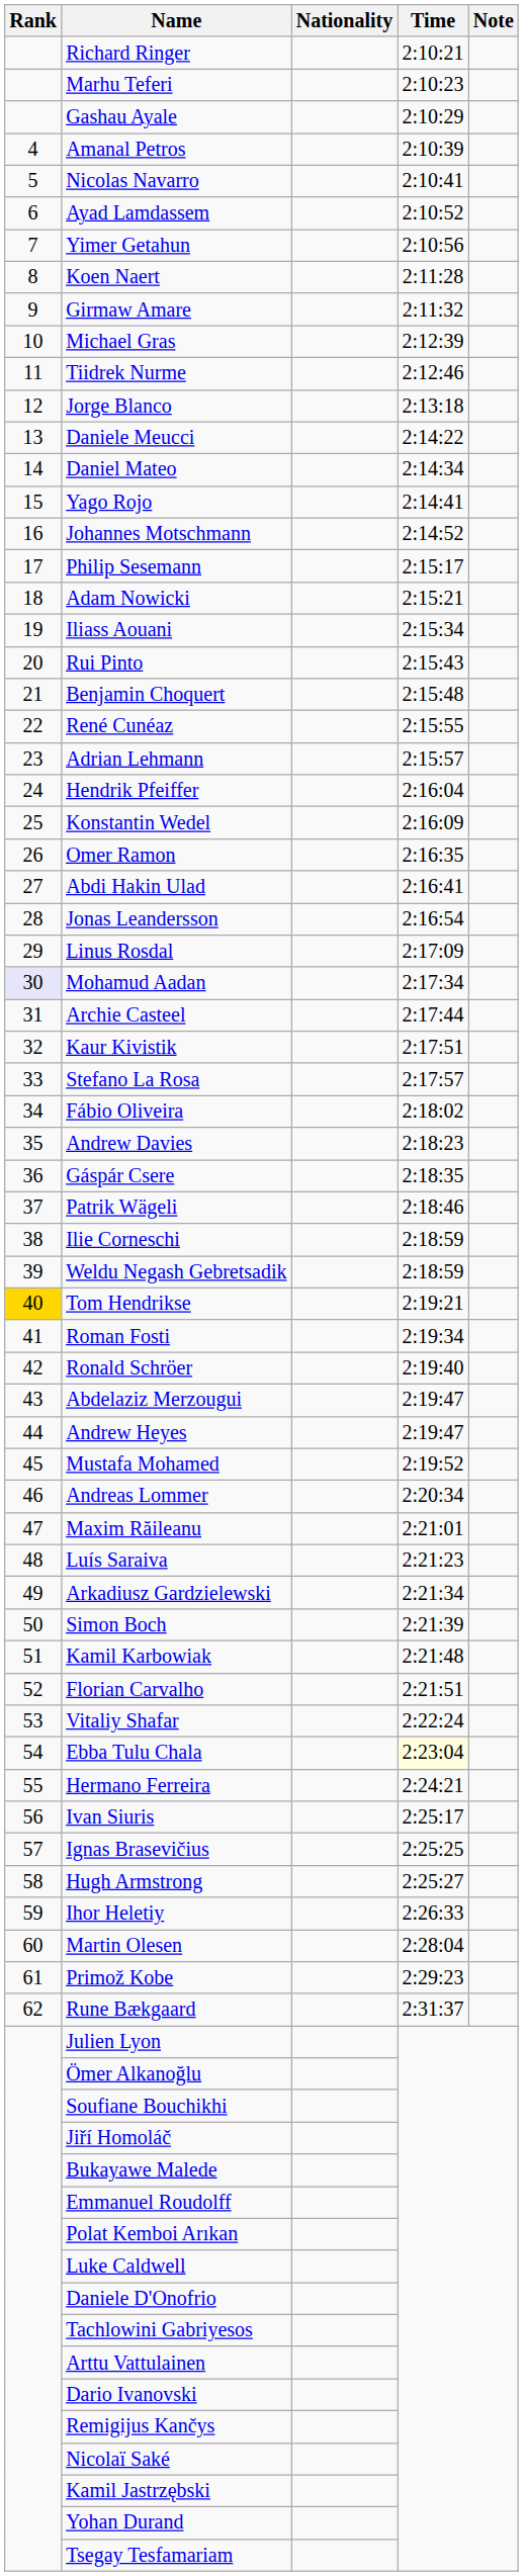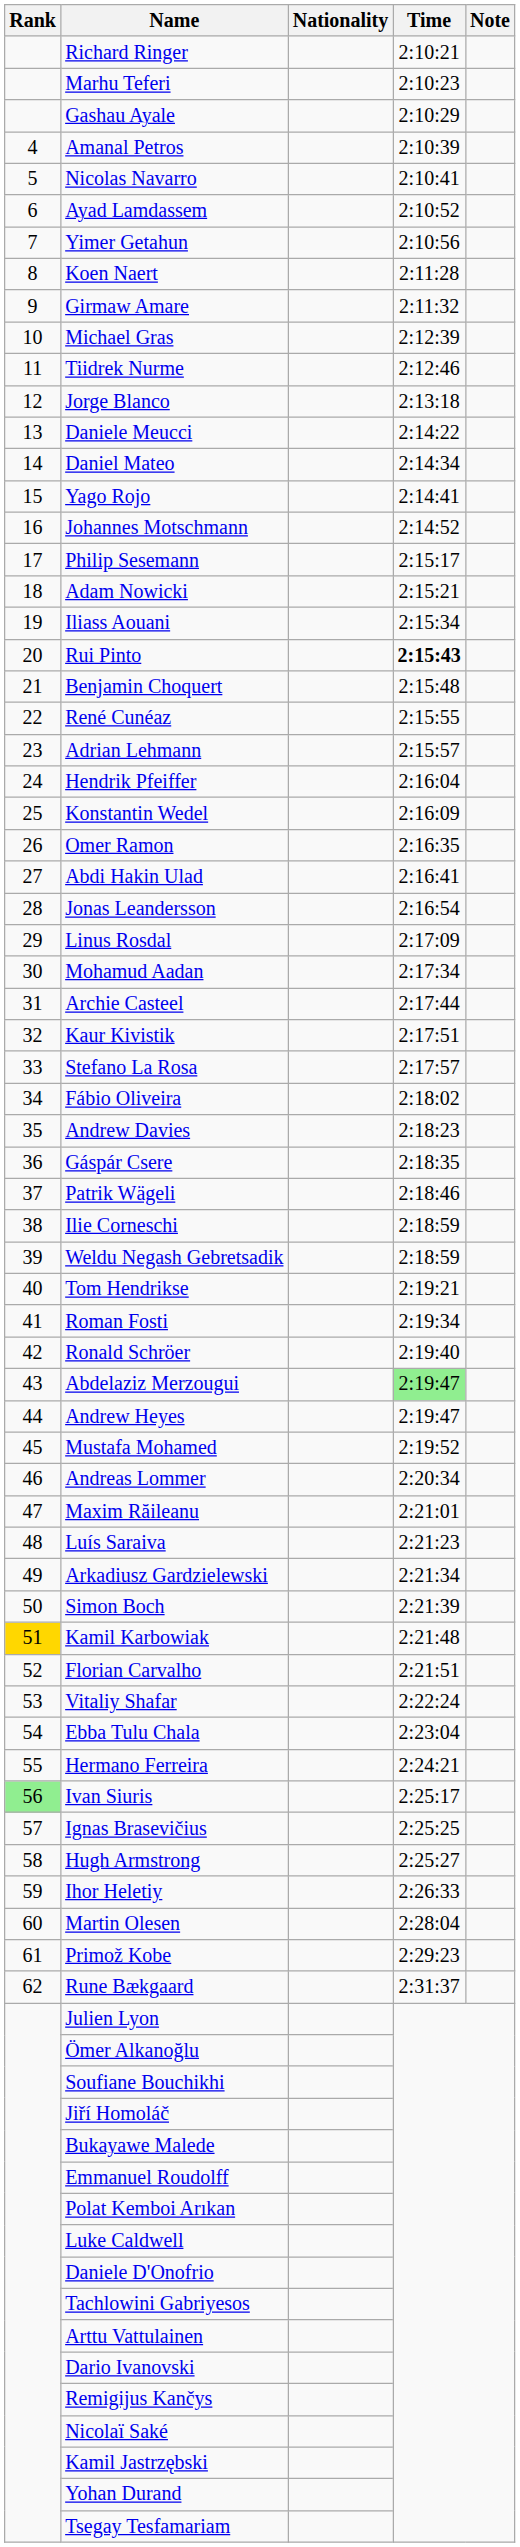 <table class="wikitable sortable"  style="text-align:center">
 <tr>
 <th>Rank</th>
 <th>Name</th>
 <th>Nationality</th>
 <th>Time</th>
 <th>Note</th>
 </tr>
 <tr>
 <td></td>
 <td align=left><a href='#'>Richard Ringer</a></td>
 <td align=left></td>
 <td>2:10:21</td>
 <td></td>
 </tr>
 <tr>
 <td></td>
 <td align=left><a href='#'>Marhu Teferi</a></td>
 <td align=left></td>
 <td>2:10:23</td>
 <td></td>
 </tr>
 <tr>
 <td></td>
 <td align=left><a href='#'>Gashau Ayale</a></td>
 <td align=left></td>
 <td>2:10:29</td>
 <td></td>
 </tr>
 <tr>
 <td>4</td>
 <td align=left><a href='#'>Amanal Petros</a></td>
 <td align=left></td>
 <td>2:10:39</td>
 <td></td>
 </tr>
 <tr>
 <td>5</td>
 <td align=left><a href='#'>Nicolas Navarro</a></td>
 <td align=left></td>
 <td>2:10:41</td>
 <td></td>
 </tr>
 <tr>
 <td>6</td>
 <td align=left><a href='#'>Ayad Lamdassem</a></td>
 <td align=left></td>
 <td>2:10:52</td>
 <td></td>
 </tr>
 <tr>
 <td>7</td>
 <td align=left><a href='#'>Yimer Getahun</a></td>
 <td align=left></td>
 <td>2:10:56</td>
 <td></td>
 </tr>
 <tr>
 <td>8</td>
 <td align=left><a href='#'>Koen Naert</a></td>
 <td align=left></td>
 <td>2:11:28</td>
 <td></td>
 </tr>
 <tr>
 <td>9</td>
 <td align=left><a href='#'>Girmaw Amare</a></td>
 <td align=left></td>
 <td>2:11:32</td>
 <td></td>
 </tr>
 <tr>
 <td>10</td>
 <td align=left><a href='#'>Michael Gras</a></td>
 <td align=left></td>
 <td>2:12:39</td>
 <td></td>
 </tr>
 <tr>
 <td>11</td>
 <td align=left><a href='#'>Tiidrek Nurme</a></td>
 <td align=left></td>
 <td>2:12:46</td>
 <td></td>
 </tr>
 <tr>
 <td>12</td>
 <td align=left><a href='#'>Jorge Blanco</a></td>
 <td align=left></td>
 <td>2:13:18</td>
 <td></td>
 </tr>
 <tr>
 <td>13</td>
 <td align=left><a href='#'>Daniele Meucci</a></td>
 <td align=left></td>
 <td>2:14:22</td>
 <td></td>
 </tr>
 <tr>
 <td>14</td>
 <td align=left><a href='#'>Daniel Mateo</a></td>
 <td align=left></td>
 <td>2:14:34</td>
 <td></td>
 </tr>
 <tr>
 <td>15</td>
 <td align=left><a href='#'>Yago Rojo</a></td>
 <td align=left></td>
 <td>2:14:41</td>
 <td></td>
 </tr>
 <tr>
 <td>16</td>
 <td align=left><a href='#'>Johannes Motschmann</a></td>
 <td align=left></td>
 <td>2:14:52</td>
 <td></td>
 </tr>
 <tr>
 <td>17</td>
 <td align=left><a href='#'>Philip Sesemann</a></td>
 <td align=left></td>
 <td>2:15:17</td>
 <td></td>
 </tr>
 <tr>
 <td>18</td>
 <td align=left><a href='#'>Adam Nowicki</a></td>
 <td align=left></td>
 <td>2:15:21</td>
 <td></td>
 </tr>
 <tr>
 <td>19</td>
 <td align=left><a href='#'>Iliass Aouani</a></td>
 <td align=left></td>
 <td>2:15:34</td>
 <td></td>
 </tr>
 <tr>
 <td>20</td>
 <td align=left><a href='#'>Rui Pinto</a></td>
 <td align=left></td>
-<td>2:15:43</td>
+<td><strong>2:15:43</strong></td>
 <td></td>
 </tr>
 <tr>
 <td>21</td>
 <td align=left><a href='#'>Benjamin Choquert</a></td>
 <td align=left></td>
 <td>2:15:48</td>
 <td></td>
 </tr>
 <tr>
 <td>22</td>
 <td align=left><a href='#'>René Cunéaz</a></td>
 <td align=left></td>
 <td>2:15:55</td>
 <td></td>
 </tr>
 <tr>
 <td>23</td>
 <td align=left><a href='#'>Adrian Lehmann</a></td>
 <td align=left></td>
 <td>2:15:57</td>
 <td></td>
 </tr>
 <tr>
 <td>24</td>
 <td align=left><a href='#'>Hendrik Pfeiffer</a></td>
 <td align=left></td>
 <td>2:16:04</td>
 <td></td>
 </tr>
 <tr>
 <td>25</td>
 <td align=left><a href='#'>Konstantin Wedel</a></td>
 <td align=left></td>
 <td>2:16:09</td>
 <td></td>
 </tr>
 <tr>
 <td>26</td>
 <td align=left><a href='#'>Omer Ramon</a></td>
 <td align=left></td>
 <td>2:16:35</td>
 <td></td>
 </tr>
 <tr>
 <td>27</td>
 <td align=left><a href='#'>Abdi Hakin Ulad</a></td>
 <td align=left></td>
 <td>2:16:41</td>
 <td></td>
 </tr>
 <tr>
 <td>28</td>
 <td align=left><a href='#'>Jonas Leandersson</a></td>
 <td align=left></td>
 <td>2:16:54</td>
 <td></td>
 </tr>
 <tr>
 <td>29</td>
 <td align=left><a href='#'>Linus Rosdal</a></td>
 <td align=left></td>
 <td>2:17:09</td>
 <td></td>
 </tr>
 <tr>
-<td style="background: lavender;">30</td>
+<td>30</td>
 <td align=left><a href='#'>Mohamud Aadan</a></td>
 <td align=left></td>
 <td>2:17:34</td>
 <td></td>
 </tr>
 <tr>
 <td>31</td>
 <td align=left><a href='#'>Archie Casteel</a></td>
 <td align=left></td>
 <td>2:17:44</td>
 <td></td>
 </tr>
 <tr>
 <td>32</td>
 <td align=left><a href='#'>Kaur Kivistik</a></td>
 <td align=left></td>
 <td>2:17:51</td>
 <td></td>
 </tr>
 <tr>
 <td>33</td>
 <td align=left><a href='#'>Stefano La Rosa</a></td>
 <td align=left></td>
 <td>2:17:57</td>
 <td></td>
 </tr>
 <tr>
 <td>34</td>
 <td align=left><a href='#'>Fábio Oliveira</a></td>
 <td align=left></td>
 <td>2:18:02</td>
 <td></td>
 </tr>
 <tr>
 <td>35</td>
 <td align=left><a href='#'>Andrew Davies</a></td>
 <td align=left></td>
 <td>2:18:23</td>
 <td></td>
 </tr>
 <tr>
 <td>36</td>
 <td align=left><a href='#'>Gáspár Csere</a></td>
 <td align=left></td>
 <td>2:18:35</td>
 <td></td>
 </tr>
 <tr>
 <td>37</td>
 <td align=left><a href='#'>Patrik Wägeli</a></td>
 <td align=left></td>
 <td>2:18:46</td>
 <td></td>
 </tr>
 <tr>
 <td>38</td>
 <td align=left><a href='#'>Ilie Corneschi</a></td>
 <td align=left></td>
 <td>2:18:59</td>
 <td></td>
 </tr>
 <tr>
 <td>39</td>
 <td align=left><a href='#'>Weldu Negash Gebretsadik</a></td>
 <td align=left></td>
 <td>2:18:59</td>
 <td></td>
 </tr>
 <tr>
-<td style="background: gold;">40</td>
+<td>40</td>
 <td align=left><a href='#'>Tom Hendrikse</a></td>
 <td align=left></td>
 <td>2:19:21</td>
 <td></td>
 </tr>
 <tr>
 <td>41</td>
 <td align=left><a href='#'>Roman Fosti</a></td>
 <td align=left></td>
 <td>2:19:34</td>
 <td></td>
 </tr>
 <tr>
 <td>42</td>
 <td align=left><a href='#'>Ronald Schröer</a></td>
 <td align=left></td>
 <td>2:19:40</td>
 <td></td>
 </tr>
 <tr>
 <td>43</td>
 <td align=left><a href='#'>Abdelaziz Merzougui</a></td>
 <td align=left></td>
-<td>2:19:47</td>
+<td style="background: lightgreen;">2:19:47</td>
 <td></td>
 </tr>
 <tr>
 <td>44</td>
 <td align=left><a href='#'>Andrew Heyes</a></td>
 <td align=left></td>
 <td>2:19:47</td>
 <td></td>
 </tr>
 <tr>
 <td>45</td>
 <td align=left><a href='#'>Mustafa Mohamed</a></td>
 <td align=left></td>
 <td>2:19:52</td>
 <td></td>
 </tr>
 <tr>
 <td>46</td>
 <td align=left><a href='#'>Andreas Lommer</a></td>
 <td align=left></td>
 <td>2:20:34</td>
 <td></td>
 </tr>
 <tr>
 <td>47</td>
 <td align=left><a href='#'>Maxim Răileanu</a></td>
 <td align=left></td>
 <td>2:21:01</td>
 <td></td>
 </tr>
 <tr>
 <td>48</td>
 <td align=left><a href='#'>Luís Saraiva</a></td>
 <td align=left></td>
 <td>2:21:23</td>
 <td></td>
 </tr>
 <tr>
 <td>49</td>
 <td align=left><a href='#'>Arkadiusz Gardzielewski</a></td>
 <td align=left></td>
 <td>2:21:34</td>
 <td></td>
 </tr>
 <tr>
 <td>50</td>
 <td align=left><a href='#'>Simon Boch</a></td>
 <td align=left></td>
 <td>2:21:39</td>
 <td></td>
 </tr>
 <tr>
-<td>51</td>
+<td style="background: gold;">51</td>
 <td align=left><a href='#'>Kamil Karbowiak</a></td>
 <td align=left></td>
 <td>2:21:48</td>
 <td></td>
 </tr>
 <tr>
 <td>52</td>
 <td align=left><a href='#'>Florian Carvalho</a></td>
 <td align=left></td>
 <td>2:21:51</td>
 <td></td>
 </tr>
 <tr>
 <td>53</td>
 <td align=left><a href='#'>Vitaliy Shafar</a></td>
 <td align=left></td>
 <td>2:22:24</td>
 <td></td>
 </tr>
 <tr>
 <td>54</td>
 <td align=left><a href='#'>Ebba Tulu Chala</a></td>
 <td align=left></td>
-<td style="background: lightyellow;">2:23:04</td>
+<td>2:23:04</td>
 <td></td>
 </tr>
 <tr>
 <td>55</td>
 <td align=left><a href='#'>Hermano Ferreira</a></td>
 <td align=left></td>
 <td>2:24:21</td>
 <td></td>
 </tr>
 <tr>
-<td>56</td>
+<td style="background: lightgreen;">56</td>
 <td align=left><a href='#'>Ivan Siuris</a></td>
 <td align=left></td>
 <td>2:25:17</td>
 <td></td>
 </tr>
 <tr>
 <td>57</td>
 <td align=left><a href='#'>Ignas Brasevičius</a></td>
 <td align=left></td>
 <td>2:25:25</td>
 <td></td>
 </tr>
 <tr>
 <td>58</td>
 <td align=left><a href='#'>Hugh Armstrong</a></td>
 <td align=left></td>
 <td>2:25:27</td>
 <td></td>
 </tr>
 <tr>
 <td>59</td>
 <td align=left><a href='#'>Ihor Heletiy</a></td>
 <td align=left></td>
 <td>2:26:33</td>
 <td></td>
 </tr>
 <tr>
 <td>60</td>
 <td align=left><a href='#'>Martin Olesen</a></td>
 <td align=left></td>
 <td>2:28:04</td>
 <td></td>
 </tr>
 <tr>
 <td>61</td>
 <td align=left><a href='#'>Primož Kobe</a></td>
 <td align=left></td>
 <td>2:29:23</td>
 <td></td>
 </tr>
 <tr>
 <td>62</td>
 <td align=left><a href='#'>Rune Bækgaard</a></td>
 <td align=left></td>
 <td>2:31:37</td>
 <td></td>
 </tr>
 <tr>
 <td rowspan=17></td>
 <td align=left><a href='#'>Julien Lyon</a></td>
 <td align=left></td>
 <td colspan=2 rowspan=17></td>
 </tr>
 <tr>
 <td align=left><a href='#'>Ömer Alkanoğlu</a></td>
 <td align=left></td>
 </tr>
 <tr>
 <td align=left><a href='#'>Soufiane Bouchikhi</a></td>
 <td align=left></td>
 </tr>
 <tr>
 <td align=left><a href='#'>Jiří Homoláč</a></td>
 <td align=left></td>
 </tr>
 <tr>
 <td align=left><a href='#'>Bukayawe Malede</a></td>
 <td align=left></td>
 </tr>
 <tr>
 <td align=left><a href='#'>Emmanuel Roudolff</a></td>
 <td align=left></td>
 </tr>
 <tr>
 <td align=left><a href='#'>Polat Kemboi Arıkan</a></td>
 <td align=left></td>
 </tr>
 <tr>
 <td align=left><a href='#'>Luke Caldwell</a></td>
 <td align=left></td>
 </tr>
 <tr>
 <td align=left><a href='#'>Daniele D'Onofrio</a></td>
 <td align=left></td>
 </tr>
 <tr>
 <td align=left><a href='#'>Tachlowini Gabriyesos</a></td>
 <td align=left></td>
 </tr>
 <tr>
 <td align=left><a href='#'>Arttu Vattulainen</a></td>
 <td align=left></td>
 </tr>
 <tr>
 <td align=left><a href='#'>Dario Ivanovski</a></td>
 <td align=left></td>
 </tr>
 <tr>
 <td align=left><a href='#'>Remigijus Kančys</a></td>
 <td align=left></td>
 </tr>
 <tr>
 <td align=left><a href='#'>Nicolaï Saké</a></td>
 <td align=left></td>
 </tr>
 <tr>
 <td align=left><a href='#'>Kamil Jastrzębski</a></td>
 <td align=left></td>
 </tr>
 <tr>
 <td align=left><a href='#'>Yohan Durand</a></td>
 <td align=left></td>
 </tr>
 <tr>
 <td align=left><a href='#'>Tsegay Tesfamariam</a></td>
 <td align=left></td>
 </tr>
 </table>
